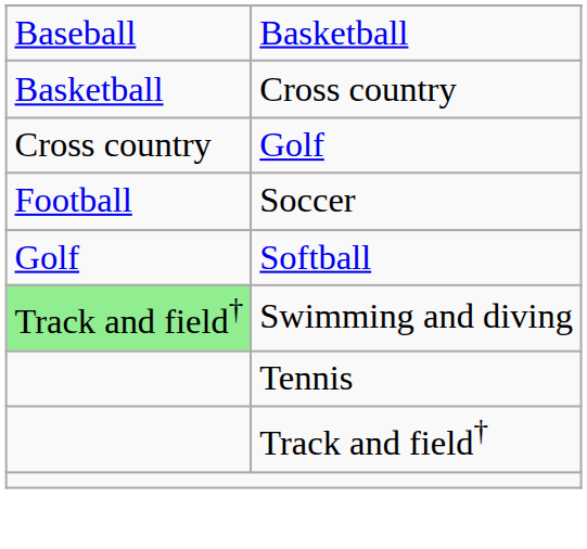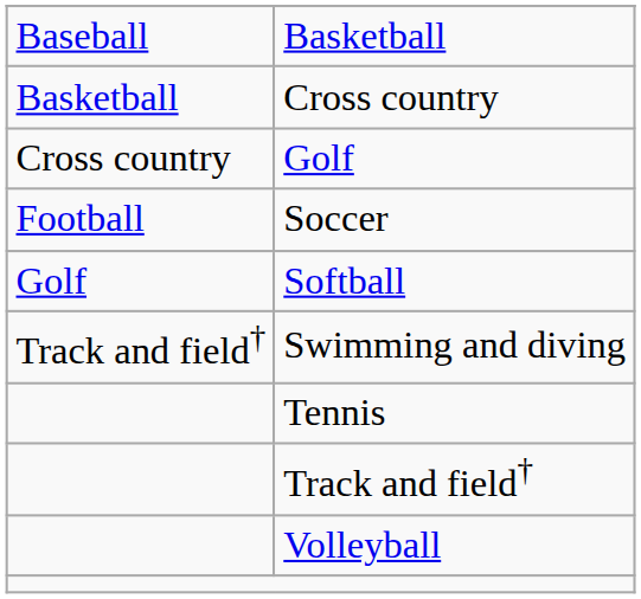 <table class="wikitable" style="float:right; clear:right; margin:0 0 1em 1em;">
 <tr>
 </tr>
 <tr>
 <td><a href='#'>Baseball</a></td>
 <td><a href='#'>Basketball</a></td>
 </tr>
 <tr>
 <td><a href='#'>Basketball</a></td>
 <td>Cross country</td>
 </tr>
 <tr>
 <td>Cross country</td>
 <td><a href='#'>Golf</a></td>
 </tr>
 <tr>
 <td><a href='#'>Football</a></td>
 <td>Soccer</td>
 </tr>
 <tr>
 <td><a href='#'>Golf</a></td>
 <td><a href='#'>Softball</a></td>
 </tr>
 <tr>
-<td style="background: lightgreen;">Track and field<sup>†</sup></td>
+<td>Track and field<sup>†</sup></td>
 <td>Swimming and diving</td>
 </tr>
 <tr>
 <td></td>
 <td>Tennis</td>
 </tr>
 <tr>
 <td></td>
 <td>Track and field<sup>†</sup></td>
 </tr>
 <tr>
+<td></td>
+<td><a href='#'>Volleyball</a></td>
+</tr>
+<tr>
 <td colspan="2"></td>
 </tr>
 </table>
